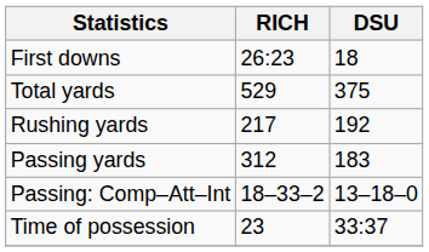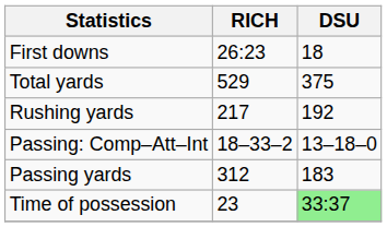 <table class="wikitable" style="float: left;">
 <tr>
 <th>Statistics</th>
 <th>RICH</th>
 <th>DSU</th>
 </tr>
 <tr>
 <td>First downs</td>
 <td>26:23</td>
 <td>18</td>
 </tr>
 <tr>
 <td>Total yards</td>
 <td>529</td>
 <td>375</td>
 </tr>
 <tr>
 <td>Rushing yards</td>
 <td>217</td>
 <td>192</td>
 </tr>
 <tr>
+<td>Passing: Comp–Att–Int</td>
+<td>18–33–2</td>
+<td>13–18–0</td>
+</tr>
+<tr>
 <td>Passing yards</td>
 <td>312</td>
 <td>183</td>
 </tr>
 <tr>
-<td>Passing: Comp–Att–Int</td>
-<td>18–33–2</td>
-<td>13–18–0</td>
-</tr>
-<tr>
 <td>Time of possession</td>
 <td>23</td>
-<td>33:37</td>
+<td style="background: lightgreen;">33:37</td>
 </tr>
 <tr>
 </tr>
 </table>
